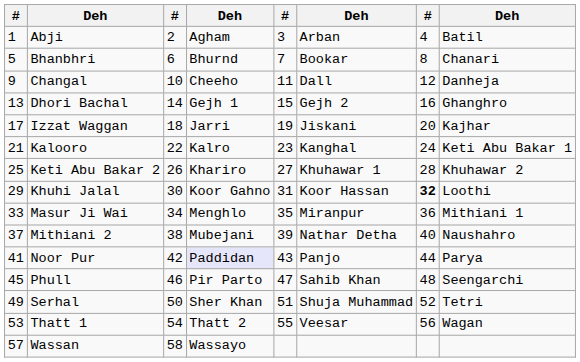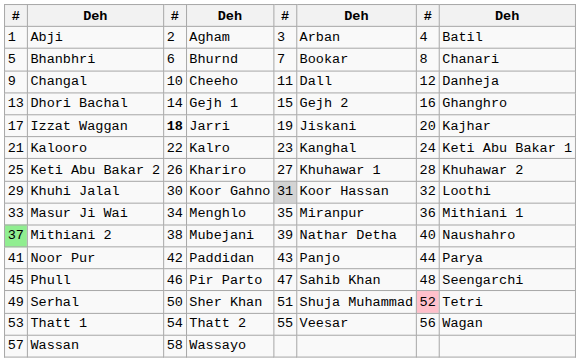 <table class="wikitable">
 <tr>
 <th>#</th>
 <th>Deh</th>
 <th>#</th>
 <th>Deh</th>
 <th>#</th>
 <th>Deh</th>
 <th>#</th>
 <th>Deh</th>
 </tr>
 <tr>
 <td>1</td>
 <td>Abji</td>
 <td>2</td>
 <td>Agham</td>
 <td>3</td>
 <td>Arban</td>
 <td>4</td>
 <td>Batil</td>
 </tr>
 <tr>
 <td>5</td>
 <td>Bhanbhri</td>
 <td>6</td>
 <td>Bhurnd</td>
 <td>7</td>
 <td>Bookar</td>
 <td>8</td>
 <td>Chanari</td>
 </tr>
 <tr>
 <td>9</td>
 <td>Changal</td>
 <td>10</td>
 <td>Cheeho</td>
 <td>11</td>
 <td>Dall</td>
 <td>12</td>
 <td>Danheja</td>
 </tr>
 <tr>
 <td>13</td>
 <td>Dhori Bachal</td>
 <td>14</td>
 <td>Gejh 1</td>
 <td>15</td>
 <td>Gejh 2</td>
 <td>16</td>
 <td>Ghanghro</td>
 </tr>
 <tr>
 <td>17</td>
 <td>Izzat Waggan</td>
-<td>18</td>
+<td><strong>18</strong></td>
 <td>Jarri</td>
 <td>19</td>
 <td>Jiskani</td>
 <td>20</td>
 <td>Kajhar</td>
 </tr>
 <tr>
 <td>21</td>
 <td>Kalooro</td>
 <td>22</td>
 <td>Kalro</td>
 <td>23</td>
 <td>Kanghal</td>
 <td>24</td>
 <td>Keti Abu Bakar 1</td>
 </tr>
 <tr>
 <td>25</td>
 <td>Keti Abu Bakar 2</td>
 <td>26</td>
 <td>Khariro</td>
 <td>27</td>
 <td>Khuhawar 1</td>
 <td>28</td>
 <td>Khuhawar 2</td>
 </tr>
 <tr>
 <td>29</td>
 <td>Khuhi Jalal</td>
 <td>30</td>
 <td>Koor Gahno</td>
-<td>31</td>
+<td style="background: lightgrey;">31</td>
 <td>Koor Hassan</td>
-<td><strong>32</strong></td>
+<td>32</td>
 <td>Loothi</td>
 </tr>
 <tr>
 <td>33</td>
 <td>Masur Ji Wai</td>
 <td>34</td>
 <td>Menghlo</td>
 <td>35</td>
 <td>Miranpur</td>
 <td>36</td>
 <td>Mithiani 1</td>
 </tr>
 <tr>
-<td>37</td>
+<td style="background: lightgreen;">37</td>
 <td>Mithiani 2</td>
 <td>38</td>
 <td>Mubejani</td>
 <td>39</td>
 <td>Nathar Detha</td>
 <td>40</td>
 <td>Naushahro</td>
 </tr>
 <tr>
 <td>41</td>
 <td>Noor Pur</td>
 <td>42</td>
-<td style="background: lavender;">Paddidan</td>
+<td>Paddidan</td>
 <td>43</td>
 <td>Panjo</td>
 <td>44</td>
 <td>Parya</td>
 </tr>
 <tr>
 <td>45</td>
 <td>Phull</td>
 <td>46</td>
 <td>Pir Parto</td>
 <td>47</td>
 <td>Sahib Khan</td>
 <td>48</td>
 <td>Seengarchi</td>
 </tr>
 <tr>
 <td>49</td>
 <td>Serhal</td>
 <td>50</td>
 <td>Sher Khan</td>
 <td>51</td>
 <td>Shuja Muhammad</td>
-<td>52</td>
+<td style="background: pink;">52</td>
 <td>Tetri</td>
 </tr>
 <tr>
 <td>53</td>
 <td>Thatt 1</td>
 <td>54</td>
 <td>Thatt 2</td>
 <td>55</td>
 <td>Veesar</td>
 <td>56</td>
 <td>Wagan</td>
 </tr>
 <tr>
 <td>57</td>
 <td>Wassan</td>
 <td>58</td>
 <td>Wassayo</td>
 <td></td>
 <td></td>
 <td></td>
 <td></td>
 </tr>
 </table>
